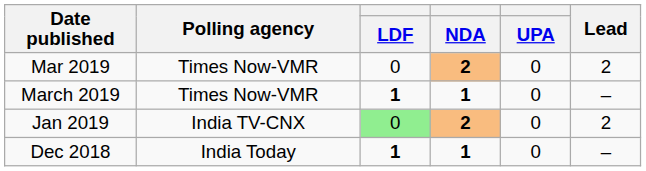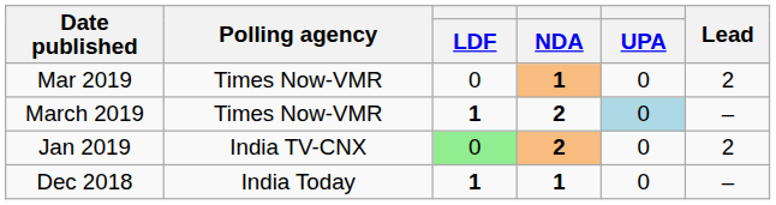 <table class="wikitable sortable" style="text-align:center;font-size:95%;line-height:16px">
 <tr>
 <th rowspan="2" width="100px">Date published</th>
 <th rowspan="2" width="175px">Polling agency</th>
 <th style="background:"></th>
 <th style="background:"></th>
 <th style="background:"></th>
 <th rowspan="2" width="50px">Lead</th>
 </tr>
 <tr>
 <th width="50px" class="unsortable"><a href='#'>LDF</a></th>
 <th width="50px" class="unsortable"><a href='#'>NDA</a></th>
 <th width="50px" class="unsortable"><a href='#'>UPA</a></th>
 </tr>
 <tr>
 <td>Mar 2019</td>
 <td>Times Now-VMR</td>
 <td>0</td>
-<td style="background:#F9BC7F"><strong>2</strong></td>
+<td style="background:#F9BC7F"><strong>1</strong></td>
 <td>0</td>
 <td style="background:">2</td>
 </tr>
 <tr>
 <td>March 2019</td>
 <td>Times Now-VMR</td>
 <td><strong>1</strong></td>
-<td><strong>1</strong></td>
-<td>0</td>
+<td><strong>2</strong></td>
+<td style="background: lightblue;">0</td>
 <td>–</td>
 </tr>
 <tr>
 <td>Jan 2019</td>
 <td>India TV-CNX</td>
 <td style="background: lightgreen;">0</td>
 <td style="background:#F9BC7F"><strong>2</strong></td>
 <td>0</td>
 <td style="background:">2</td>
 </tr>
 <tr>
 <td>Dec 2018</td>
 <td>India Today</td>
 <td><strong>1</strong></td>
 <td><strong>1</strong></td>
 <td>0</td>
 <td>–</td>
 </tr>
 </table>
